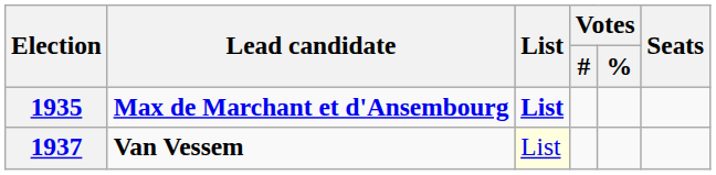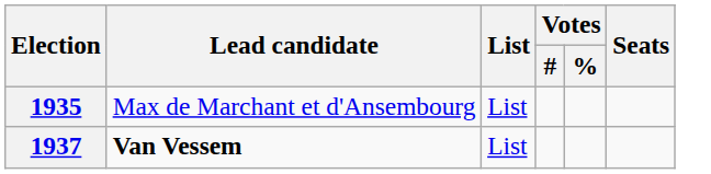 <table class="wikitable" style="text-align:right">
 <tr>
 <th scope="col" rowspan=2>Election</th>
 <th scope="col" rowspan=2>Lead candidate</th>
 <th scope="col" rowspan=2>List</th>
 <th scope="col" colspan=2>Votes</th>
 <th scope="col" rowspan=2>Seats</th>
 </tr>
 <tr>
 <th>#</th>
 <th>%</th>
 </tr>
 <tr>
 <th scope="row"><a href='#'>1935</a></th>
-<td align="left"><strong><a href='#'>Max de Marchant et d'Ansembourg</a></strong></td>
-<td align="left"><strong><a href='#'>List</a></strong></td>
+<td align="left"><a href='#'>Max de Marchant et d'Ansembourg</a></td>
+<td align="left"><a href='#'>List</a></td>
 <td></td>
 <td></td>
 <td></td>
 </tr>
 <tr>
 <th scope="row"><a href='#'>1937</a></th>
 <td align="left"><strong>Van Vessem</strong></td>
-<td align="left" style="background: lightyellow;"><a href='#'>List</a></td>
+<td align="left"><a href='#'>List</a></td>
 <td></td>
 <td></td>
 <td></td>
 </tr>
 </table>
